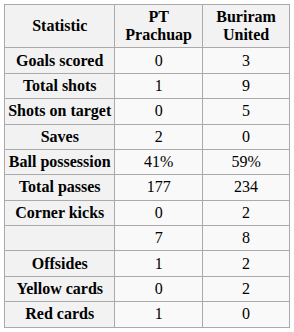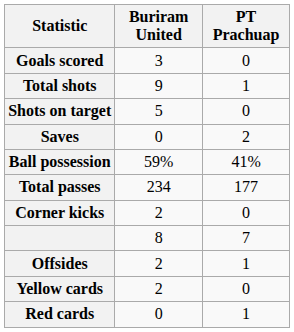 <table class="wikitable plainrowheaders" style="text-align:center">
 <tr>
 <th scope="col">Statistic</th>
+<th scope="col" style="width:80px">Buriram United</th>
 <th scope="col" style="width:80px">PT Prachuap</th>
-<th scope="col" style="width:80px">Buriram United</th>
 </tr>
 <tr>
 <th scope=row>Goals scored</th>
+<td>3</td>
 <td>0</td>
-<td>3</td>
 </tr>
 <tr>
 <th scope=row>Total shots</th>
+<td>9</td>
 <td>1</td>
-<td>9</td>
 </tr>
 <tr>
 <th scope=row>Shots on target</th>
+<td>5</td>
 <td>0</td>
-<td>5</td>
 </tr>
 <tr>
 <th scope=row>Saves</th>
+<td>0</td>
+<td>2</td>
+</tr>
+<tr>
+<th scope=row>Ball possession</th>
+<td>59%</td>
+<td>41%</td>
+</tr>
+<tr>
+<th scope=row>Total passes</th>
+<td>234</td>
+<td>177</td>
+</tr>
+<tr>
+<th scope=row>Corner kicks</th>
 <td>2</td>
 <td>0</td>
 </tr>
 <tr>
-<th scope=row>Ball possession</th>
-<td>41%</td>
-<td>59%</td>
-</tr>
-<tr>
-<th scope=row>Total passes</th>
-<td>177</td>
-<td>234</td>
-</tr>
-<tr>
-<th scope=row>Corner kicks</th>
-<td>0</td>
-<td>2</td>
-</tr>
-<tr>
 <th scope=row></th>
+<td>8</td>
 <td>7</td>
-<td>8</td>
 </tr>
 <tr>
 <th scope=row>Offsides</th>
+<td>2</td>
 <td>1</td>
-<td>2</td>
 </tr>
 <tr>
 <th scope=row>Yellow cards</th>
+<td>2</td>
 <td>0</td>
-<td>2</td>
 </tr>
 <tr>
 <th scope=row>Red cards</th>
+<td>0</td>
 <td>1</td>
-<td>0</td>
 </tr>
 </table>
